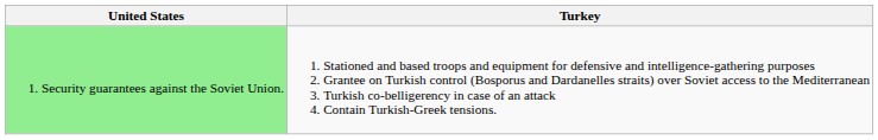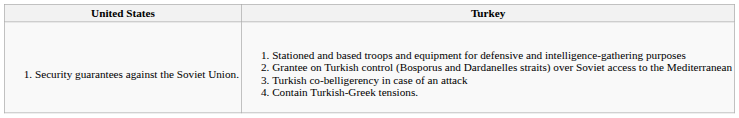 <table class="wikitable">
 <tr>
 <th>United States</th>
 <th>Turkey</th>
 </tr>
 <tr>
-<td style="background: lightgreen;"><br><ol><li>Security guarantees against the Soviet Union.</li></ol></td>
+<td><br><ol><li>Security guarantees against the Soviet Union.</li></ol></td>
 <td><br><ol><li>Stationed and based troops and equipment for defensive and intelligence-gathering purposes</li><li>Grantee on Turkish control (Bosporus and Dardanelles straits) over Soviet access to the Mediterranean</li><li>Turkish co-belligerency in case of an attack</li><li>Contain Turkish-Greek tensions.</li></ol></td>
 </tr>
 </table>
